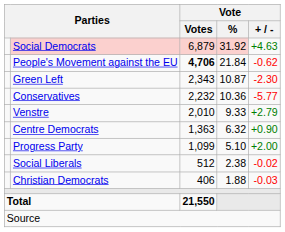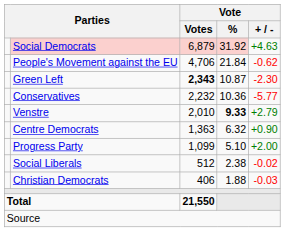 <table class="wikitable" style="text-align:right;">
 <tr>
 <th style="text-align:centre;" rowspan="2" colspan="2" width="225">Parties</th>
 <th colspan="3">Vote</th>
 </tr>
 <tr>
 <th width="15">Votes</th>
 <th width="15">%</th>
 <th width="15">+ / -</th>
 </tr>
 <tr>
 <td width="2" style="color:inherit;background:"></td>
 <td bgcolor=#fbd0ce   align="left"><a href='#'>Social Democrats</a></td>
 <td bgcolor=#fbd0ce>6,879</td>
 <td bgcolor=#fbd0ce>31.92</td>
 <td style=color:green;>+4.63</td>
 </tr>
 <tr>
 <td width="2" style="color:inherit;background:"></td>
 <td align="left"><a href='#'>People's Movement against the EU</a></td>
-<td><strong>4,706</strong></td>
+<td>4,706</td>
 <td>21.84</td>
 <td style=color:red;>-0.62</td>
 </tr>
 <tr>
 <td width="2" style="color:inherit;background:"></td>
 <td align="left"><a href='#'>Green Left</a></td>
-<td>2,343</td>
+<td><strong>2,343</strong></td>
 <td>10.87</td>
 <td style=color:red;>-2.30</td>
 </tr>
 <tr>
 <td width="2" style="color:inherit;background:"></td>
 <td align="left"><a href='#'>Conservatives</a></td>
 <td>2,232</td>
 <td>10.36</td>
 <td style=color:red;>-5.77</td>
 </tr>
 <tr>
 <td width="2" style="color:inherit;background:"></td>
 <td align="left"><a href='#'>Venstre</a></td>
 <td>2,010</td>
-<td>9.33</td>
+<td><strong>9.33</strong></td>
 <td style=color:green;>+2.79</td>
 </tr>
 <tr>
 <td width="2" style="color:inherit;background:"></td>
 <td align="left"><a href='#'>Centre Democrats</a></td>
 <td>1,363</td>
 <td>6.32</td>
 <td style=color:green;>+0.90</td>
 </tr>
 <tr>
 <td width="2" style="color:inherit;background:"></td>
 <td align="left"><a href='#'>Progress Party</a></td>
 <td>1,099</td>
 <td>5.10</td>
 <td style=color:green;>+2.00</td>
 </tr>
 <tr>
 <td width="2" style="color:inherit;background:"></td>
 <td align="left"><a href='#'>Social Liberals</a></td>
 <td>512</td>
 <td>2.38</td>
 <td style=color:red;>-0.02</td>
 </tr>
 <tr>
 <td width="2" style="color:inherit;background:"></td>
 <td align="left"><a href='#'>Christian Democrats</a></td>
 <td>406</td>
 <td>1.88</td>
 <td style=color:red;>-0.03</td>
 </tr>
 <tr>
 <td colspan="7" bgcolor="#E9E9E9"></td>
 </tr>
 <tr>
 <td align="left" colspan="2"><strong>Total</strong></td>
 <td><strong>21,550</strong></td>
 <td bgcolor="#E9E9E9" colspan="2"></td>
 </tr>
 <tr>
 <td align="left" colspan="6">Source</td>
 </tr>
 </table>
